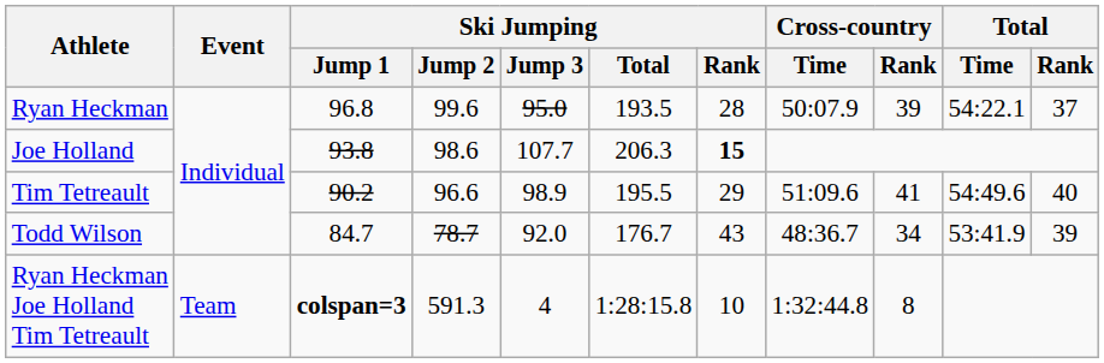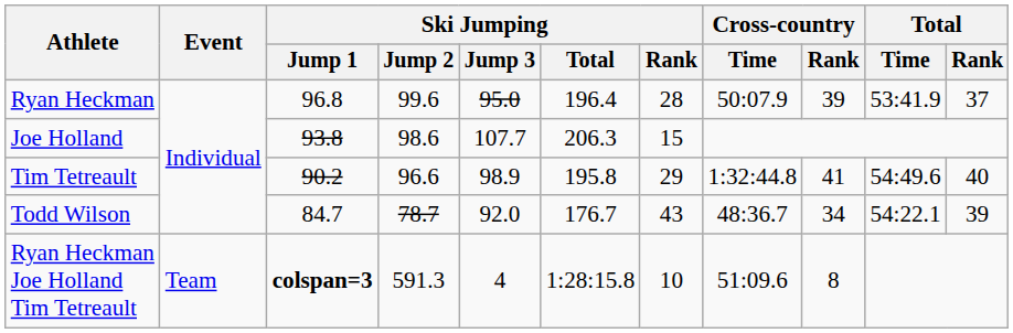 <table class=wikitable style=font-size:90%;text-align:center>
 <tr>
 <th rowspan=2>Athlete</th>
 <th rowspan=2>Event</th>
 <th colspan=5>Ski Jumping</th>
 <th colspan=2>Cross-country</th>
 <th colspan=2>Total</th>
 </tr>
 <tr style=font-size:95%>
 <th>Jump 1</th>
 <th>Jump 2</th>
 <th>Jump 3</th>
 <th>Total</th>
 <th>Rank</th>
 <th>Time</th>
 <th>Rank</th>
 <th>Time</th>
 <th>Rank</th>
 </tr>
 <tr>
 <td align=left><a href='#'>Ryan Heckman</a></td>
 <td align=left rowspan=4><a href='#'>Individual</a></td>
 <td>96.8</td>
 <td>99.6</td>
 <td><s>95.0</s></td>
-<td>193.5</td>
+<td>196.4</td>
 <td>28</td>
 <td>50:07.9</td>
 <td>39</td>
-<td>54:22.1</td>
+<td>53:41.9</td>
 <td>37</td>
 </tr>
 <tr>
 <td align=left><a href='#'>Joe Holland</a></td>
 <td><s>93.8</s></td>
 <td>98.6</td>
 <td>107.7</td>
 <td>206.3</td>
-<td><strong>15</strong></td>
+<td>15</td>
 <td colspan=4></td>
 </tr>
 <tr>
 <td align=left><a href='#'>Tim Tetreault</a></td>
 <td><s>90.2</s></td>
 <td>96.6</td>
 <td>98.9</td>
-<td>195.5</td>
+<td>195.8</td>
 <td>29</td>
-<td>51:09.6</td>
+<td>1:32:44.8</td>
 <td>41</td>
 <td>54:49.6</td>
 <td>40</td>
 </tr>
 <tr>
 <td align=left><a href='#'>Todd Wilson</a></td>
 <td>84.7</td>
 <td><s>78.7</s></td>
 <td>92.0</td>
 <td>176.7</td>
 <td>43</td>
 <td>48:36.7</td>
 <td>34</td>
-<td>53:41.9</td>
+<td>54:22.1</td>
 <td>39</td>
 </tr>
 <tr>
 <td align=left><a href='#'>Ryan Heckman</a><br><a href='#'>Joe Holland</a><br><a href='#'>Tim Tetreault</a></td>
 <td align=left><a href='#'>Team</a></td>
 <td><strong>colspan=3 </strong></td>
 <td>591.3</td>
 <td>4</td>
 <td>1:28:15.8</td>
 <td>10</td>
-<td>1:32:44.8</td>
+<td>51:09.6</td>
 <td>8</td>
 </tr>
 </table>
